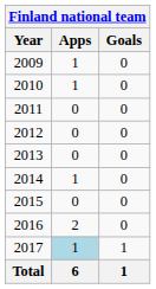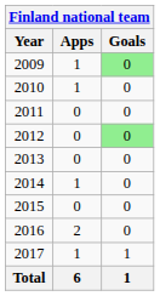 <table class="wikitable" style="text-align:center">
 <tr>
 <th colspan="3"><a href='#'>Finland national team</a></th>
 </tr>
 <tr>
 <th>Year</th>
 <th>Apps</th>
 <th>Goals</th>
 </tr>
 <tr>
 <td>2009</td>
 <td>1</td>
-<td>0</td>
+<td style="background: lightgreen;">0</td>
 </tr>
 <tr>
 <td>2010</td>
 <td>1</td>
 <td>0</td>
 </tr>
 <tr>
 <td>2011</td>
 <td>0</td>
 <td>0</td>
 </tr>
 <tr>
 <td>2012</td>
 <td>0</td>
-<td>0</td>
+<td style="background: lightgreen;">0</td>
 </tr>
 <tr>
 <td>2013</td>
 <td>0</td>
 <td>0</td>
 </tr>
 <tr>
 <td>2014</td>
 <td>1</td>
 <td>0</td>
 </tr>
 <tr>
 <td>2015</td>
 <td>0</td>
 <td>0</td>
 </tr>
 <tr>
 <td>2016</td>
 <td>2</td>
 <td>0</td>
 </tr>
 <tr>
 <td>2017</td>
-<td style="background: lightblue;">1</td>
+<td>1</td>
 <td>1</td>
 </tr>
 <tr>
 <th>Total</th>
 <th>6</th>
 <th>1</th>
 </tr>
 </table>
